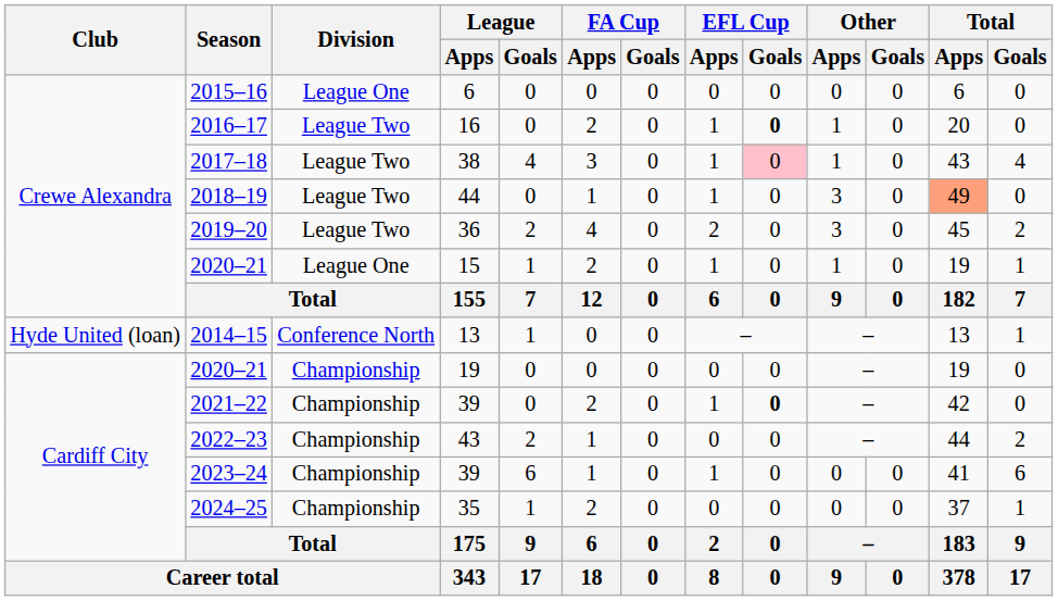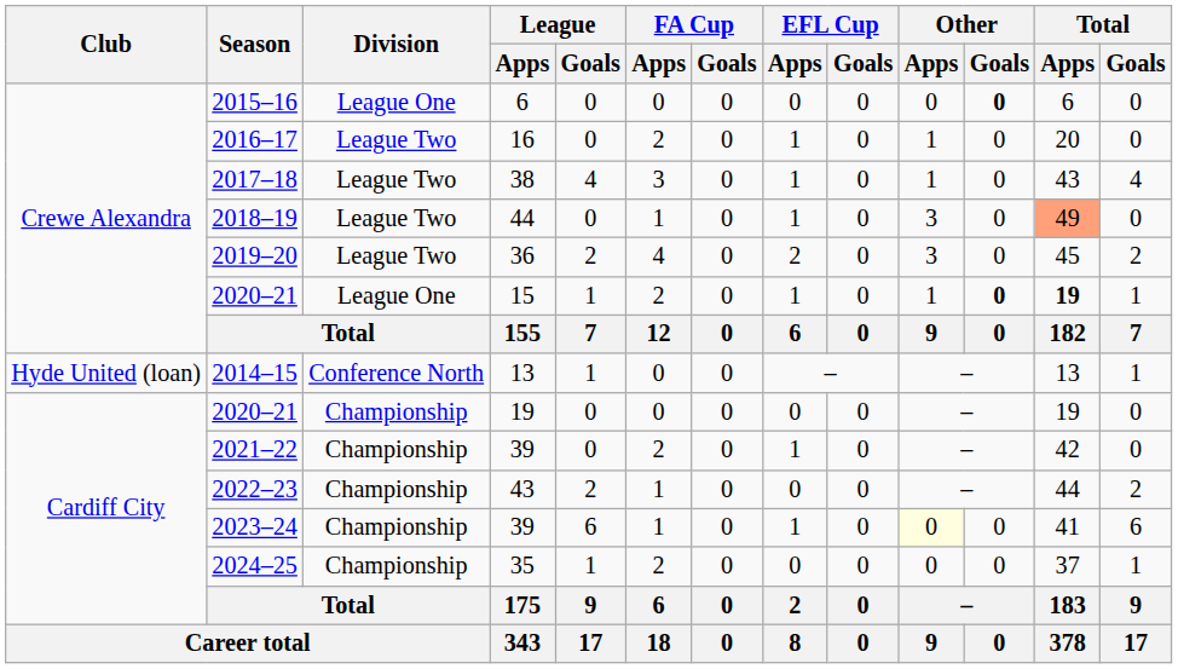 <table class="wikitable" style="text-align:center">
 <tr>
 <th rowspan="2">Club</th>
 <th rowspan="2">Season</th>
 <th rowspan="2">Division</th>
 <th colspan="2">League</th>
 <th colspan="2"><a href='#'>FA Cup</a></th>
 <th colspan="2"><a href='#'>EFL Cup</a></th>
 <th colspan="2">Other</th>
 <th colspan="2">Total</th>
 </tr>
 <tr>
 <th>Apps</th>
 <th>Goals</th>
 <th>Apps</th>
 <th>Goals</th>
 <th>Apps</th>
 <th>Goals</th>
 <th>Apps</th>
 <th>Goals</th>
 <th>Apps</th>
 <th>Goals</th>
 </tr>
 <tr>
 <td rowspan="7"><a href='#'>Crewe Alexandra</a></td>
 <td><a href='#'>2015–16</a></td>
 <td><a href='#'>League One</a></td>
 <td>6</td>
 <td>0</td>
 <td>0</td>
 <td>0</td>
 <td>0</td>
 <td>0</td>
 <td>0</td>
-<td>0</td>
+<td><strong>0</strong></td>
 <td>6</td>
 <td>0</td>
 </tr>
 <tr>
 <td><a href='#'>2016–17</a></td>
 <td><a href='#'>League Two</a></td>
 <td>16</td>
 <td>0</td>
 <td>2</td>
 <td>0</td>
 <td>1</td>
-<td><strong>0</strong></td>
+<td>0</td>
 <td>1</td>
 <td>0</td>
 <td>20</td>
 <td>0</td>
 </tr>
 <tr>
 <td><a href='#'>2017–18</a></td>
 <td>League Two</td>
 <td>38</td>
 <td>4</td>
 <td>3</td>
 <td>0</td>
 <td>1</td>
-<td style="background: pink;">0</td>
+<td>0</td>
 <td>1</td>
 <td>0</td>
 <td>43</td>
 <td>4</td>
 </tr>
 <tr>
 <td><a href='#'>2018–19</a></td>
 <td>League Two</td>
 <td>44</td>
 <td>0</td>
 <td>1</td>
 <td>0</td>
 <td>1</td>
 <td>0</td>
 <td>3</td>
 <td>0</td>
 <td style="background: lightsalmon;">49</td>
 <td>0</td>
 </tr>
 <tr>
 <td><a href='#'>2019–20</a></td>
 <td>League Two</td>
 <td>36</td>
 <td>2</td>
 <td>4</td>
 <td>0</td>
 <td>2</td>
 <td>0</td>
 <td>3</td>
 <td>0</td>
 <td>45</td>
 <td>2</td>
 </tr>
 <tr>
 <td><a href='#'>2020–21</a></td>
 <td>League One</td>
 <td>15</td>
 <td>1</td>
 <td>2</td>
 <td>0</td>
 <td>1</td>
 <td>0</td>
 <td>1</td>
-<td>0</td>
-<td>19</td>
+<td><strong>0</strong></td>
+<td><strong>19</strong></td>
 <td>1</td>
 </tr>
 <tr>
 <th colspan="2">Total</th>
 <th>155</th>
 <th>7</th>
 <th>12</th>
 <th>0</th>
 <th>6</th>
 <th>0</th>
 <th>9</th>
 <th>0</th>
 <th>182</th>
 <th>7</th>
 </tr>
 <tr>
 <td><a href='#'>Hyde United</a> (loan)</td>
 <td><a href='#'>2014–15</a></td>
 <td><a href='#'>Conference North</a></td>
 <td>13</td>
 <td>1</td>
 <td>0</td>
 <td>0</td>
 <td colspan="2">–</td>
 <td colspan="2">–</td>
 <td>13</td>
 <td>1</td>
 </tr>
 <tr>
 <td rowspan="6"><a href='#'>Cardiff City</a></td>
 <td><a href='#'>2020–21</a></td>
 <td><a href='#'>Championship</a></td>
 <td>19</td>
 <td>0</td>
 <td>0</td>
 <td>0</td>
 <td>0</td>
 <td>0</td>
 <td colspan="2">–</td>
 <td>19</td>
 <td>0</td>
 </tr>
 <tr>
 <td><a href='#'>2021–22</a></td>
 <td>Championship</td>
 <td>39</td>
 <td>0</td>
 <td>2</td>
 <td>0</td>
 <td>1</td>
-<td><strong>0</strong></td>
+<td>0</td>
 <td colspan="2">–</td>
 <td>42</td>
 <td>0</td>
 </tr>
 <tr>
 <td><a href='#'>2022–23</a></td>
 <td>Championship</td>
 <td>43</td>
 <td>2</td>
 <td>1</td>
 <td>0</td>
 <td>0</td>
 <td>0</td>
 <td colspan="2">–</td>
 <td>44</td>
 <td>2</td>
 </tr>
 <tr>
 <td><a href='#'>2023–24</a></td>
 <td>Championship</td>
 <td>39</td>
 <td>6</td>
 <td>1</td>
 <td>0</td>
 <td>1</td>
 <td>0</td>
-<td>0</td>
+<td style="background: lightyellow;">0</td>
 <td>0</td>
 <td>41</td>
 <td>6</td>
 </tr>
 <tr>
 <td><a href='#'>2024–25</a></td>
 <td>Championship</td>
 <td>35</td>
 <td>1</td>
 <td>2</td>
 <td>0</td>
 <td>0</td>
 <td>0</td>
 <td>0</td>
 <td>0</td>
 <td>37</td>
 <td>1</td>
 </tr>
 <tr>
 <th colspan="2">Total</th>
 <th>175</th>
 <th>9</th>
 <th>6</th>
 <th>0</th>
 <th>2</th>
 <th>0</th>
 <th colspan="2">–</th>
 <th>183</th>
 <th>9</th>
 </tr>
 <tr>
 <th colspan="3">Career total</th>
 <th>343</th>
 <th>17</th>
 <th>18</th>
 <th>0</th>
 <th>8</th>
 <th>0</th>
 <th>9</th>
 <th>0</th>
 <th>378</th>
 <th>17</th>
 </tr>
 </table>
